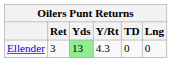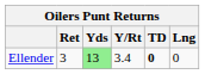 <table class="wikitable">
 <tr>
 <th colspan="6">Oilers Punt Returns</th>
 </tr>
 <tr>
 <th></th>
 <th>Ret</th>
 <th>Yds</th>
 <th>Y/Rt</th>
 <th>TD</th>
 <th>Lng</th>
 </tr>
 <tr>
 <td><a href='#'>Ellender</a></td>
 <td>3</td>
 <td style="background: lightgreen;">13</td>
-<td>4.3</td>
-<td>0</td>
+<td>3.4</td>
+<td><strong>0</strong></td>
 <td>0</td>
 </tr>
 </table>
